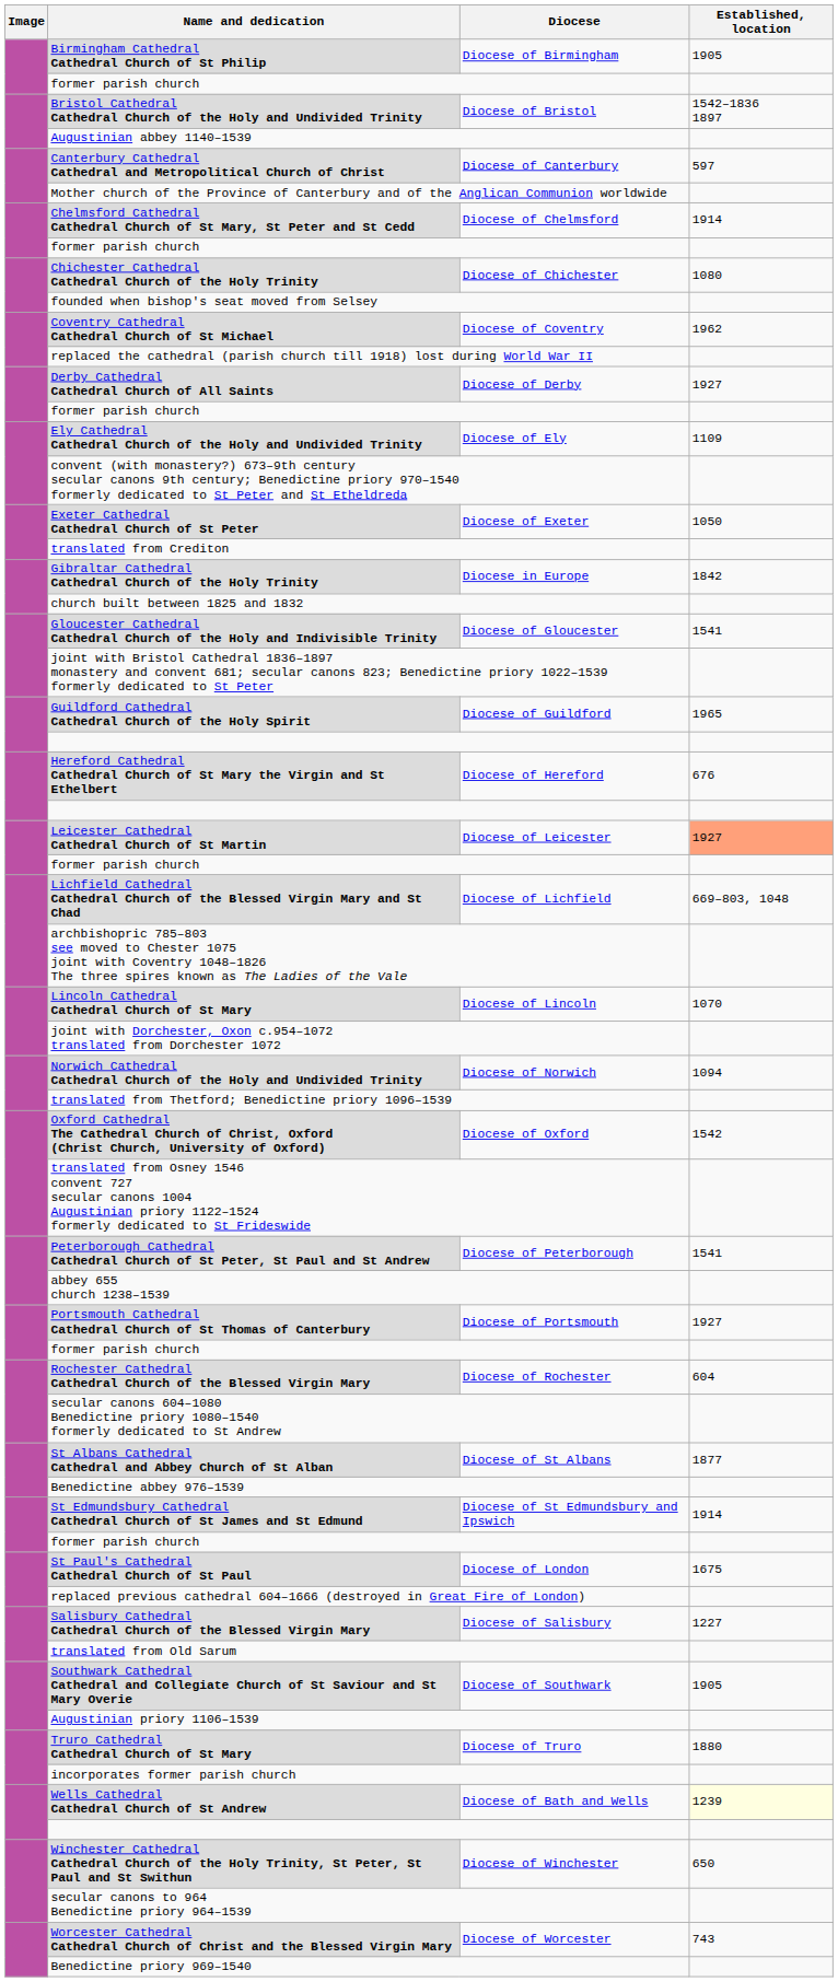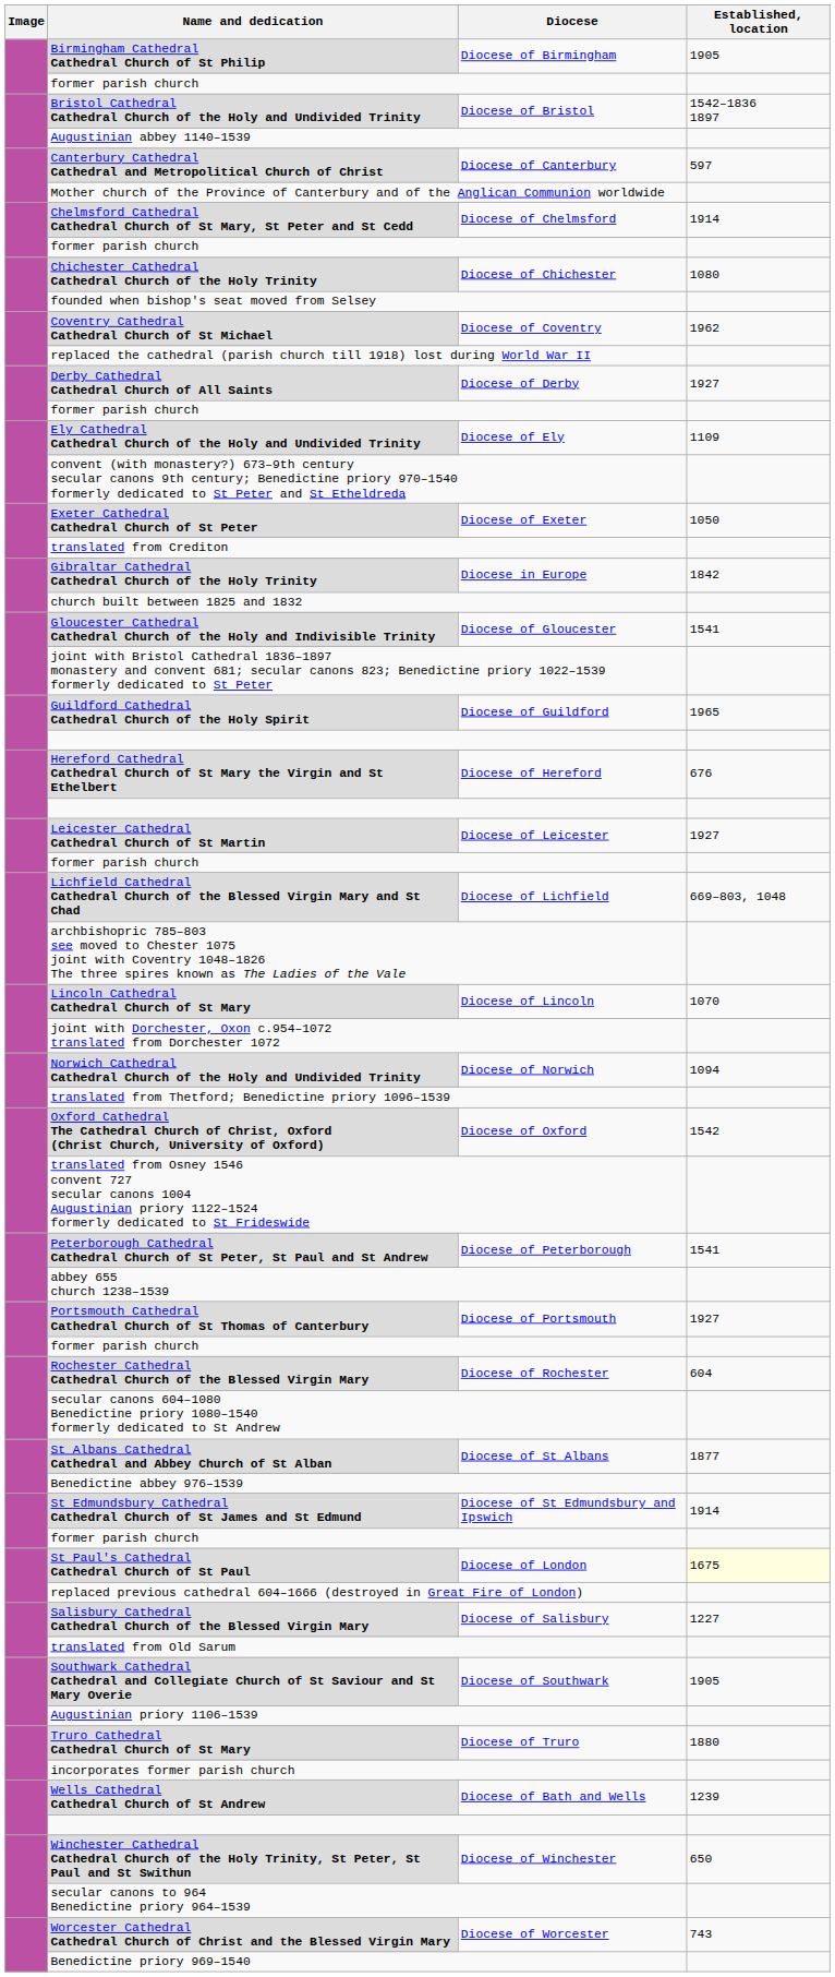 <table class="wikitable sortable">
 <tr>
 <th>Image</th>
 <th>Name and dedication</th>
 <th>Diocese</th>
 <th>Established, location</th>
 </tr>
 <tr>
 <td rowspan="2" bgcolor="#BC50A5" align="center"></td>
 <td bgcolor="Gainsboro"><a href='#'>Birmingham Cathedral</a><br><strong>Cathedral Church of St Philip</strong></td>
 <td> <a href='#'>Diocese of Birmingham</a></td>
 <td>1905</td>
 </tr>
 <tr>
 <td colspan="2">former parish church</td>
 <td> <br></td>
 </tr>
 <tr>
 <td rowspan="2" bgcolor="#BC50A5" align="center"></td>
 <td bgcolor="Gainsboro"><a href='#'>Bristol Cathedral</a><br><strong>Cathedral Church of the Holy and Undivided Trinity</strong></td>
 <td> <a href='#'>Diocese of Bristol</a></td>
 <td>1542–1836<br>1897</td>
 </tr>
 <tr>
 <td colspan="2"><a href='#'>Augustinian</a> abbey 1140–1539</td>
 <td> <br></td>
 </tr>
 <tr>
 <td rowspan="2" bgcolor="#BC50A5" align="center"></td>
 <td bgcolor="Gainsboro"><a href='#'>Canterbury Cathedral</a><br><strong>Cathedral and Metropolitical Church of Christ</strong></td>
 <td> <a href='#'>Diocese of Canterbury</a></td>
 <td>597</td>
 </tr>
 <tr>
 <td colspan="2">Mother church of the Province of Canterbury and of the <a href='#'>Anglican Communion</a> worldwide</td>
 <td><br></td>
 </tr>
 <tr>
 <td rowspan="2" bgcolor="#BC50A5" align="center"></td>
 <td bgcolor="Gainsboro"><a href='#'>Chelmsford Cathedral</a><br><strong>Cathedral Church of St Mary, St Peter and St Cedd</strong></td>
 <td> <a href='#'>Diocese of Chelmsford</a></td>
 <td>1914</td>
 </tr>
 <tr>
 <td colspan="2">former parish church</td>
 <td><br></td>
 </tr>
 <tr>
 <td rowspan="2" bgcolor="#BC50A5" align="center"></td>
 <td bgcolor="Gainsboro"><a href='#'>Chichester Cathedral</a><br><strong>Cathedral Church of the Holy Trinity</strong></td>
 <td> <a href='#'>Diocese of Chichester</a></td>
 <td>1080</td>
 </tr>
 <tr>
 <td colspan="2">founded when bishop's seat moved from Selsey</td>
 <td><br></td>
 </tr>
 <tr>
 <td rowspan="2" bgcolor="#BC50A5" align="center"></td>
 <td bgcolor="Gainsboro"><a href='#'>Coventry Cathedral</a><br><strong>Cathedral Church of St Michael</strong></td>
 <td> <a href='#'>Diocese of Coventry</a></td>
 <td>1962</td>
 </tr>
 <tr>
 <td colspan="2">replaced the cathedral (parish church till 1918) lost during <a href='#'>World War II</a></td>
 <td><br></td>
 </tr>
 <tr>
 <td rowspan="2" bgcolor="#BC50A5" align="center"></td>
 <td bgcolor="Gainsboro"><a href='#'>Derby Cathedral</a><br><strong>Cathedral Church of All Saints</strong></td>
 <td> <a href='#'>Diocese of Derby</a></td>
 <td>1927</td>
 </tr>
 <tr>
 <td colspan="2">former parish church</td>
 <td><br></td>
 </tr>
 <tr>
 <td rowspan="2" bgcolor="#BC50A5" align="center"></td>
 <td bgcolor="Gainsboro"><a href='#'>Ely Cathedral</a><br><strong>Cathedral Church of the Holy and Undivided Trinity</strong></td>
 <td> <a href='#'>Diocese of Ely</a></td>
 <td>1109</td>
 </tr>
 <tr>
 <td colspan="2">convent (with monastery?) 673–9th century<br>secular canons 9th century; Benedictine priory 970–1540<br>formerly dedicated to <a href='#'>St Peter</a> and <a href='#'>St Etheldreda</a></td>
 <td> <br></td>
 </tr>
 <tr>
 <td rowspan="2" bgcolor="#BC50A5" align="center"></td>
 <td bgcolor="Gainsboro"><a href='#'>Exeter Cathedral</a><br><strong>Cathedral Church of St Peter</strong></td>
 <td> <a href='#'>Diocese of Exeter</a></td>
 <td>1050</td>
 </tr>
 <tr>
 <td colspan="2"><a href='#'>translated</a> from Crediton</td>
 <td><br></td>
 </tr>
 <tr>
 <td rowspan="2" bgcolor="#BC50A5" align="center"></td>
 <td bgcolor="Gainsboro"><a href='#'>Gibraltar Cathedral</a><br><strong>Cathedral Church of the Holy Trinity</strong></td>
 <td> <a href='#'>Diocese in Europe</a></td>
 <td>1842</td>
 </tr>
 <tr>
 <td colspan="2">church built between 1825 and 1832</td>
 <td></td>
 </tr>
 <tr>
 <td rowspan="2" bgcolor="#BC50A5" align="center"></td>
 <td bgcolor="Gainsboro"><a href='#'>Gloucester Cathedral</a><br><strong>Cathedral Church of the Holy and Indivisible Trinity</strong></td>
 <td> <a href='#'>Diocese of Gloucester</a></td>
 <td>1541</td>
 </tr>
 <tr>
 <td colspan="2">joint with Bristol Cathedral 1836–1897<br>monastery and convent 681; secular canons 823; Benedictine priory 1022–1539<br>formerly dedicated to <a href='#'>St Peter</a></td>
 <td><br></td>
 </tr>
 <tr>
 <td rowspan="2" bgcolor="#BC50A5" align="center"></td>
 <td bgcolor="Gainsboro"><a href='#'>Guildford Cathedral</a><br><strong>Cathedral Church of the Holy Spirit</strong></td>
 <td> <a href='#'>Diocese of Guildford</a></td>
 <td>1965</td>
 </tr>
 <tr>
 <td colspan="2"></td>
 <td><br></td>
 </tr>
 <tr>
 <td rowspan="2" bgcolor="#BC50A5" align="center"></td>
 <td bgcolor="Gainsboro"><a href='#'>Hereford Cathedral</a><br><strong>Cathedral Church of St Mary the Virgin and St Ethelbert</strong></td>
 <td> <a href='#'>Diocese of Hereford</a></td>
 <td>676</td>
 </tr>
 <tr>
 <td colspan="2"></td>
 <td><br></td>
 </tr>
 <tr>
 <td rowspan="2" bgcolor="#BC50A5" align="center"></td>
 <td bgcolor="Gainsboro"><a href='#'>Leicester Cathedral</a><br><strong>Cathedral Church of St Martin</strong></td>
 <td> <a href='#'>Diocese of Leicester</a></td>
-<td style="background: lightsalmon;">1927</td>
+<td>1927</td>
 </tr>
 <tr>
 <td colspan="2">former parish church</td>
 <td><br></td>
 </tr>
 <tr>
 <td rowspan="2" bgcolor="#BC50A5" align="center"></td>
 <td bgcolor="Gainsboro"><a href='#'>Lichfield Cathedral</a><br><strong>Cathedral Church of the Blessed Virgin Mary and St Chad</strong></td>
 <td> <a href='#'>Diocese of Lichfield</a></td>
 <td>669–803, 1048</td>
 </tr>
 <tr>
 <td colspan="2">archbishopric 785–803<br><a href='#'>see</a> moved to Chester 1075<br>joint with Coventry 1048–1826<br>The three spires known as <em>The Ladies of the Vale</em></td>
 <td><br></td>
 </tr>
 <tr>
 <td rowspan="2" bgcolor="#BC50A5" align="center"></td>
 <td bgcolor="Gainsboro"><a href='#'>Lincoln Cathedral</a><br><strong>Cathedral Church of St Mary</strong></td>
 <td> <a href='#'>Diocese of Lincoln</a></td>
 <td>1070</td>
 </tr>
 <tr>
 <td colspan="2">joint with <a href='#'>Dorchester, Oxon</a> c.954–1072<br> <a href='#'>translated</a> from Dorchester 1072</td>
 <td><br></td>
 </tr>
 <tr>
 <td rowspan="2" bgcolor="#BC50A5" align="center"></td>
 <td bgcolor="Gainsboro"><a href='#'>Norwich Cathedral</a><br><strong>Cathedral Church of the Holy and Undivided Trinity</strong></td>
 <td> <a href='#'>Diocese of Norwich</a></td>
 <td>1094</td>
 </tr>
 <tr>
 <td colspan="2"><a href='#'>translated</a> from Thetford; Benedictine priory 1096–1539</td>
 <td><br></td>
 </tr>
 <tr>
 <td rowspan="2" bgcolor="#BC50A5" align="center"></td>
 <td bgcolor="Gainsboro"><a href='#'>Oxford Cathedral</a><br><strong>The Cathedral Church of Christ, Oxford<br>(Christ Church, University of Oxford)</strong></td>
 <td> <a href='#'>Diocese of Oxford</a></td>
 <td>1542</td>
 </tr>
 <tr>
 <td colspan="2"><a href='#'>translated</a> from Osney 1546<br>convent 727<br>secular canons 1004<br><a href='#'>Augustinian</a> priory 1122–1524<br>formerly dedicated to <a href='#'>St Frideswide</a></td>
 <td><br></td>
 </tr>
 <tr>
 <td rowspan="2" bgcolor="#BC50A5" align="center"></td>
 <td bgcolor="Gainsboro"><a href='#'>Peterborough Cathedral</a><br><strong>Cathedral Church of St Peter, St Paul and St Andrew</strong></td>
 <td> <a href='#'>Diocese of Peterborough</a></td>
 <td>1541</td>
 </tr>
 <tr>
 <td colspan="2">abbey 655<br>church 1238–1539</td>
 <td><br></td>
 </tr>
 <tr>
 <td rowspan="2" bgcolor="#BC50A5" align="center"></td>
 <td bgcolor="Gainsboro"><a href='#'>Portsmouth Cathedral</a><br><strong>Cathedral Church of St Thomas of Canterbury</strong></td>
 <td> <a href='#'>Diocese of Portsmouth</a></td>
 <td>1927</td>
 </tr>
 <tr>
 <td colspan="2">former parish church</td>
 <td><br></td>
 </tr>
 <tr>
 <td rowspan="2" bgcolor="#BC50A5" align="center"></td>
 <td bgcolor="Gainsboro"><a href='#'>Rochester Cathedral</a><br><strong>Cathedral Church of the Blessed Virgin Mary</strong></td>
 <td> <a href='#'>Diocese of Rochester</a></td>
 <td>604</td>
 </tr>
 <tr>
 <td colspan="2">secular canons 604–1080<br>Benedictine priory 1080–1540<br>formerly dedicated to St Andrew</td>
 <td><br></td>
 </tr>
 <tr>
 <td rowspan="2" bgcolor="#BC50A5" align="center"></td>
 <td bgcolor="Gainsboro"><a href='#'>St Albans Cathedral</a><br><strong>Cathedral and Abbey Church of St Alban</strong></td>
 <td> <a href='#'>Diocese of St Albans</a></td>
 <td>1877</td>
 </tr>
 <tr>
 <td colspan="2">Benedictine abbey 976–1539</td>
 <td><br></td>
 </tr>
 <tr>
 <td rowspan="2" bgcolor="#BC50A5" align="center"></td>
 <td bgcolor="Gainsboro"><a href='#'>St Edmundsbury Cathedral</a><br><strong>Cathedral Church of St James and St Edmund</strong></td>
 <td> <a href='#'>Diocese of St Edmundsbury and Ipswich</a></td>
 <td>1914</td>
 </tr>
 <tr>
 <td colspan="2">former parish church</td>
 <td><br></td>
 </tr>
 <tr>
 <td rowspan="2" bgcolor="#BC50A5" align="center"></td>
 <td bgcolor="Gainsboro"><a href='#'>St Paul's Cathedral</a><br><strong>Cathedral Church of St Paul</strong></td>
 <td> <a href='#'>Diocese of London</a></td>
-<td>1675</td>
+<td style="background: lightyellow;">1675</td>
 </tr>
 <tr>
 <td colspan="2">replaced previous cathedral 604–1666 (destroyed in <a href='#'>Great Fire of London</a>)</td>
 <td><br></td>
 </tr>
 <tr>
 <td rowspan="2" bgcolor="#BC50A5" align="center"></td>
 <td bgcolor="Gainsboro"><a href='#'>Salisbury Cathedral</a><br><strong>Cathedral Church of the Blessed Virgin Mary</strong></td>
 <td> <a href='#'>Diocese of Salisbury</a></td>
 <td>1227</td>
 </tr>
 <tr>
 <td colspan="2"><a href='#'>translated</a> from Old Sarum</td>
 <td><br></td>
 </tr>
 <tr>
 <td rowspan="2" bgcolor="#BC50A5" align="center"></td>
 <td bgcolor="Gainsboro"><a href='#'>Southwark Cathedral</a><br><strong>Cathedral and Collegiate Church of St Saviour and St Mary Overie</strong></td>
 <td> <a href='#'>Diocese of Southwark</a></td>
 <td>1905</td>
 </tr>
 <tr>
 <td colspan="2"><a href='#'>Augustinian</a> priory 1106–1539</td>
 <td><br></td>
 </tr>
 <tr>
 <td rowspan="2" bgcolor="#BC50A5" align="center"></td>
 <td bgcolor="Gainsboro"><a href='#'>Truro Cathedral</a><br><strong>Cathedral Church of St Mary</strong></td>
 <td> <a href='#'>Diocese of Truro</a></td>
 <td>1880</td>
 </tr>
 <tr>
 <td colspan="2">incorporates former parish church</td>
 <td><br></td>
 </tr>
 <tr>
 <td rowspan="2" bgcolor="#BC50A5" align="center"></td>
 <td bgcolor="Gainsboro"><a href='#'>Wells Cathedral</a><br><strong>Cathedral Church of St Andrew</strong></td>
 <td> <a href='#'>Diocese of Bath and Wells</a></td>
-<td style="background: lightyellow;">1239</td>
+<td>1239</td>
 </tr>
 <tr>
 <td colspan="2"></td>
 <td> <br></td>
 </tr>
 <tr>
 <td rowspan="2" bgcolor="#BC50A5" align="center"></td>
 <td bgcolor="Gainsboro"><a href='#'>Winchester Cathedral</a><br><strong>Cathedral Church of the Holy Trinity, St Peter, St Paul and St Swithun</strong></td>
 <td> <a href='#'>Diocese of Winchester</a></td>
 <td>650</td>
 </tr>
 <tr>
 <td colspan="2">secular canons to 964<br>Benedictine priory 964–1539</td>
 <td><br></td>
 </tr>
 <tr>
 <td rowspan="2" bgcolor="#BC50A5" align="center"></td>
 <td bgcolor="Gainsboro"><a href='#'>Worcester Cathedral</a><br><strong>Cathedral Church of Christ and the Blessed Virgin Mary</strong></td>
 <td> <a href='#'>Diocese of Worcester</a></td>
 <td>743</td>
 </tr>
 <tr>
 <td colspan="2">Benedictine priory 969–1540</td>
 <td><br></td>
 </tr>
 </table>
